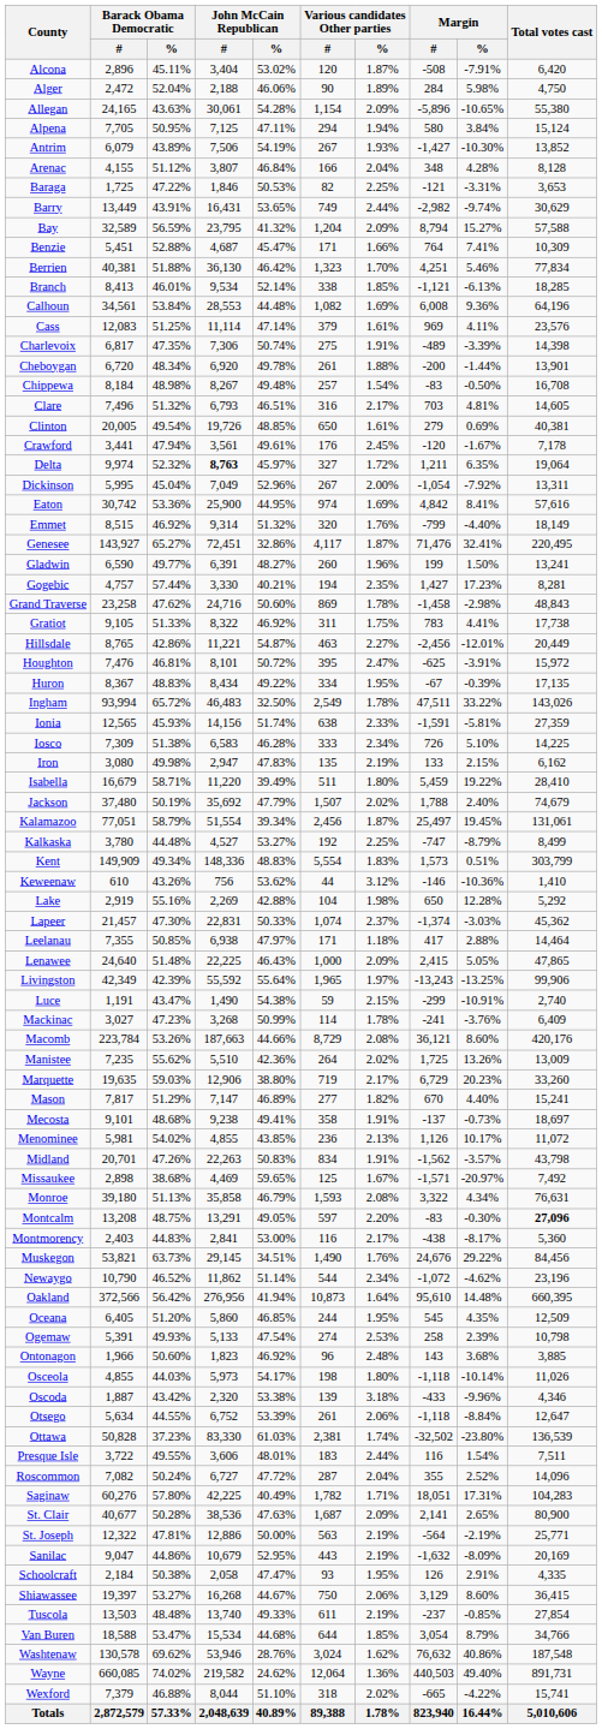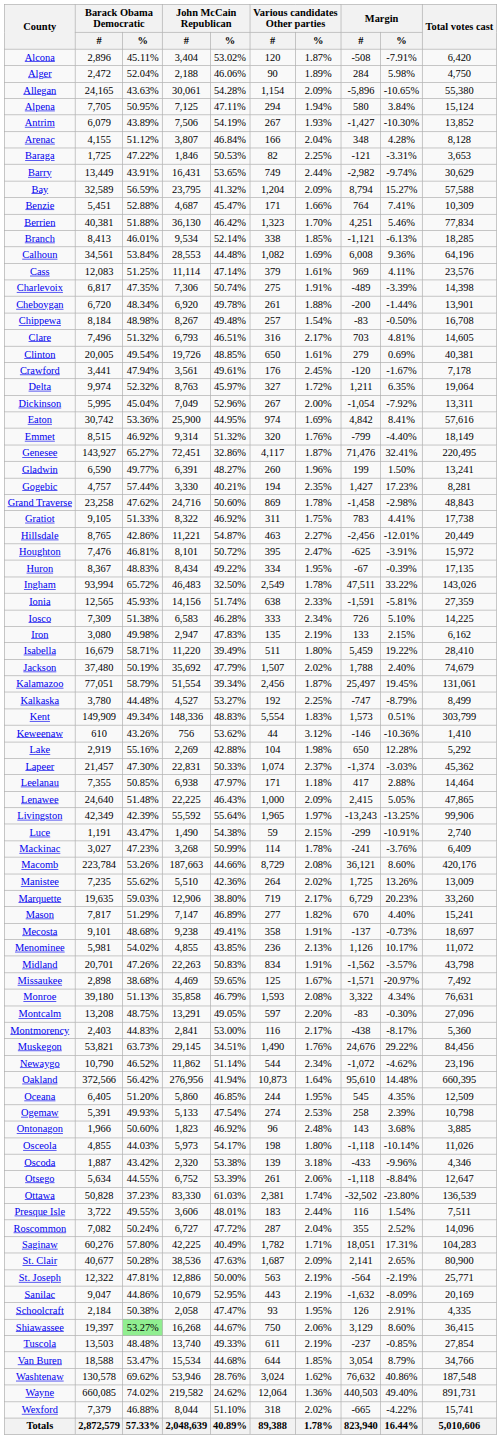 <table width="60%"  class="wikitable sortable" style="text-align:center">
 <tr>
 <th style="text-align:center;" rowspan="2">County</th>
 <th style="text-align:center;" colspan="2">Barack Obama<br>Democratic</th>
 <th style="text-align:center;" colspan="2">John McCain<br>Republican</th>
 <th style="text-align:center;" colspan="2">Various candidates<br>Other parties</th>
 <th style="text-align:center;" colspan="2">Margin</th>
 <th style="text-align:center;" rowspan="2">Total votes cast</th>
 </tr>
 <tr>
 <th style="text-align:center;" data-sort-type="number">#</th>
 <th style="text-align:center;" data-sort-type="number">%</th>
 <th style="text-align:center;" data-sort-type="number">#</th>
 <th style="text-align:center;" data-sort-type="number">%</th>
 <th style="text-align:center;" data-sort-type="number">#</th>
 <th style="text-align:center;" data-sort-type="number">%</th>
 <th style="text-align:center;" data-sort-type="number">#</th>
 <th style="text-align:center;" data-sort-type="number">%</th>
 </tr>
 <tr style="text-align:center;">
 <td><a href='#'>Alcona</a></td>
 <td>2,896</td>
 <td>45.11%</td>
 <td>3,404</td>
 <td>53.02%</td>
 <td>120</td>
 <td>1.87%</td>
 <td>-508</td>
 <td>-7.91%</td>
 <td>6,420</td>
 </tr>
 <tr style="text-align:center;">
 <td><a href='#'>Alger</a></td>
 <td>2,472</td>
 <td>52.04%</td>
 <td>2,188</td>
 <td>46.06%</td>
 <td>90</td>
 <td>1.89%</td>
 <td>284</td>
 <td>5.98%</td>
 <td>4,750</td>
 </tr>
 <tr style="text-align:center;">
 <td><a href='#'>Allegan</a></td>
 <td>24,165</td>
 <td>43.63%</td>
 <td>30,061</td>
 <td>54.28%</td>
 <td>1,154</td>
 <td>2.09%</td>
 <td>-5,896</td>
 <td>-10.65%</td>
 <td>55,380</td>
 </tr>
 <tr style="text-align:center;">
 <td><a href='#'>Alpena</a></td>
 <td>7,705</td>
 <td>50.95%</td>
 <td>7,125</td>
 <td>47.11%</td>
 <td>294</td>
 <td>1.94%</td>
 <td>580</td>
 <td>3.84%</td>
 <td>15,124</td>
 </tr>
 <tr style="text-align:center;">
 <td><a href='#'>Antrim</a></td>
 <td>6,079</td>
 <td>43.89%</td>
 <td>7,506</td>
 <td>54.19%</td>
 <td>267</td>
 <td>1.93%</td>
 <td>-1,427</td>
 <td>-10.30%</td>
 <td>13,852</td>
 </tr>
 <tr style="text-align:center;">
 <td><a href='#'>Arenac</a></td>
 <td>4,155</td>
 <td>51.12%</td>
 <td>3,807</td>
 <td>46.84%</td>
 <td>166</td>
 <td>2.04%</td>
 <td>348</td>
 <td>4.28%</td>
 <td>8,128</td>
 </tr>
 <tr style="text-align:center;">
 <td><a href='#'>Baraga</a></td>
 <td>1,725</td>
 <td>47.22%</td>
 <td>1,846</td>
 <td>50.53%</td>
 <td>82</td>
 <td>2.25%</td>
 <td>-121</td>
 <td>-3.31%</td>
 <td>3,653</td>
 </tr>
 <tr style="text-align:center;">
 <td><a href='#'>Barry</a></td>
 <td>13,449</td>
 <td>43.91%</td>
 <td>16,431</td>
 <td>53.65%</td>
 <td>749</td>
 <td>2.44%</td>
 <td>-2,982</td>
 <td>-9.74%</td>
 <td>30,629</td>
 </tr>
 <tr style="text-align:center;">
 <td><a href='#'>Bay</a></td>
 <td>32,589</td>
 <td>56.59%</td>
 <td>23,795</td>
 <td>41.32%</td>
 <td>1,204</td>
 <td>2.09%</td>
 <td>8,794</td>
 <td>15.27%</td>
 <td>57,588</td>
 </tr>
 <tr style="text-align:center;">
 <td><a href='#'>Benzie</a></td>
 <td>5,451</td>
 <td>52.88%</td>
 <td>4,687</td>
 <td>45.47%</td>
 <td>171</td>
 <td>1.66%</td>
 <td>764</td>
 <td>7.41%</td>
 <td>10,309</td>
 </tr>
 <tr style="text-align:center;">
 <td><a href='#'>Berrien</a></td>
 <td>40,381</td>
 <td>51.88%</td>
 <td>36,130</td>
 <td>46.42%</td>
 <td>1,323</td>
 <td>1.70%</td>
 <td>4,251</td>
 <td>5.46%</td>
 <td>77,834</td>
 </tr>
 <tr style="text-align:center;">
 <td><a href='#'>Branch</a></td>
 <td>8,413</td>
 <td>46.01%</td>
 <td>9,534</td>
 <td>52.14%</td>
 <td>338</td>
 <td>1.85%</td>
 <td>-1,121</td>
 <td>-6.13%</td>
 <td>18,285</td>
 </tr>
 <tr style="text-align:center;">
 <td><a href='#'>Calhoun</a></td>
 <td>34,561</td>
 <td>53.84%</td>
 <td>28,553</td>
 <td>44.48%</td>
 <td>1,082</td>
 <td>1.69%</td>
 <td>6,008</td>
 <td>9.36%</td>
 <td>64,196</td>
 </tr>
 <tr style="text-align:center;">
 <td><a href='#'>Cass</a></td>
 <td>12,083</td>
 <td>51.25%</td>
 <td>11,114</td>
 <td>47.14%</td>
 <td>379</td>
 <td>1.61%</td>
 <td>969</td>
 <td>4.11%</td>
 <td>23,576</td>
 </tr>
 <tr style="text-align:center;">
 <td><a href='#'>Charlevoix</a></td>
 <td>6,817</td>
 <td>47.35%</td>
 <td>7,306</td>
 <td>50.74%</td>
 <td>275</td>
 <td>1.91%</td>
 <td>-489</td>
 <td>-3.39%</td>
 <td>14,398</td>
 </tr>
 <tr style="text-align:center;">
 <td><a href='#'>Cheboygan</a></td>
 <td>6,720</td>
 <td>48.34%</td>
 <td>6,920</td>
 <td>49.78%</td>
 <td>261</td>
 <td>1.88%</td>
 <td>-200</td>
 <td>-1.44%</td>
 <td>13,901</td>
 </tr>
 <tr style="text-align:center;">
 <td><a href='#'>Chippewa</a></td>
 <td>8,184</td>
 <td>48.98%</td>
 <td>8,267</td>
 <td>49.48%</td>
 <td>257</td>
 <td>1.54%</td>
 <td>-83</td>
 <td>-0.50%</td>
 <td>16,708</td>
 </tr>
 <tr style="text-align:center;">
 <td><a href='#'>Clare</a></td>
 <td>7,496</td>
 <td>51.32%</td>
 <td>6,793</td>
 <td>46.51%</td>
 <td>316</td>
 <td>2.17%</td>
 <td>703</td>
 <td>4.81%</td>
 <td>14,605</td>
 </tr>
 <tr style="text-align:center;">
 <td><a href='#'>Clinton</a></td>
 <td>20,005</td>
 <td>49.54%</td>
 <td>19,726</td>
 <td>48.85%</td>
 <td>650</td>
 <td>1.61%</td>
 <td>279</td>
 <td>0.69%</td>
 <td>40,381</td>
 </tr>
 <tr style="text-align:center;">
 <td><a href='#'>Crawford</a></td>
 <td>3,441</td>
 <td>47.94%</td>
 <td>3,561</td>
 <td>49.61%</td>
 <td>176</td>
 <td>2.45%</td>
 <td>-120</td>
 <td>-1.67%</td>
 <td>7,178</td>
 </tr>
 <tr style="text-align:center;">
 <td><a href='#'>Delta</a></td>
 <td>9,974</td>
 <td>52.32%</td>
-<td><strong>8,763</strong></td>
+<td>8,763</td>
 <td>45.97%</td>
 <td>327</td>
 <td>1.72%</td>
 <td>1,211</td>
 <td>6.35%</td>
 <td>19,064</td>
 </tr>
 <tr style="text-align:center;">
 <td><a href='#'>Dickinson</a></td>
 <td>5,995</td>
 <td>45.04%</td>
 <td>7,049</td>
 <td>52.96%</td>
 <td>267</td>
 <td>2.00%</td>
 <td>-1,054</td>
 <td>-7.92%</td>
 <td>13,311</td>
 </tr>
 <tr style="text-align:center;">
 <td><a href='#'>Eaton</a></td>
 <td>30,742</td>
 <td>53.36%</td>
 <td>25,900</td>
 <td>44.95%</td>
 <td>974</td>
 <td>1.69%</td>
 <td>4,842</td>
 <td>8.41%</td>
 <td>57,616</td>
 </tr>
 <tr style="text-align:center;">
 <td><a href='#'>Emmet</a></td>
 <td>8,515</td>
 <td>46.92%</td>
 <td>9,314</td>
 <td>51.32%</td>
 <td>320</td>
 <td>1.76%</td>
 <td>-799</td>
 <td>-4.40%</td>
 <td>18,149</td>
 </tr>
 <tr style="text-align:center;">
 <td><a href='#'>Genesee</a></td>
 <td>143,927</td>
 <td>65.27%</td>
 <td>72,451</td>
 <td>32.86%</td>
 <td>4,117</td>
 <td>1.87%</td>
 <td>71,476</td>
 <td>32.41%</td>
 <td>220,495</td>
 </tr>
 <tr style="text-align:center;">
 <td><a href='#'>Gladwin</a></td>
 <td>6,590</td>
 <td>49.77%</td>
 <td>6,391</td>
 <td>48.27%</td>
 <td>260</td>
 <td>1.96%</td>
 <td>199</td>
 <td>1.50%</td>
 <td>13,241</td>
 </tr>
 <tr style="text-align:center;">
 <td><a href='#'>Gogebic</a></td>
 <td>4,757</td>
 <td>57.44%</td>
 <td>3,330</td>
 <td>40.21%</td>
 <td>194</td>
 <td>2.35%</td>
 <td>1,427</td>
 <td>17.23%</td>
 <td>8,281</td>
 </tr>
 <tr style="text-align:center;">
 <td><a href='#'>Grand Traverse</a></td>
 <td>23,258</td>
 <td>47.62%</td>
 <td>24,716</td>
 <td>50.60%</td>
 <td>869</td>
 <td>1.78%</td>
 <td>-1,458</td>
 <td>-2.98%</td>
 <td>48,843</td>
 </tr>
 <tr style="text-align:center;">
 <td><a href='#'>Gratiot</a></td>
 <td>9,105</td>
 <td>51.33%</td>
 <td>8,322</td>
 <td>46.92%</td>
 <td>311</td>
 <td>1.75%</td>
 <td>783</td>
 <td>4.41%</td>
 <td>17,738</td>
 </tr>
 <tr style="text-align:center;">
 <td><a href='#'>Hillsdale</a></td>
 <td>8,765</td>
 <td>42.86%</td>
 <td>11,221</td>
 <td>54.87%</td>
 <td>463</td>
 <td>2.27%</td>
 <td>-2,456</td>
 <td>-12.01%</td>
 <td>20,449</td>
 </tr>
 <tr style="text-align:center;">
 <td><a href='#'>Houghton</a></td>
 <td>7,476</td>
 <td>46.81%</td>
 <td>8,101</td>
 <td>50.72%</td>
 <td>395</td>
 <td>2.47%</td>
 <td>-625</td>
 <td>-3.91%</td>
 <td>15,972</td>
 </tr>
 <tr style="text-align:center;">
 <td><a href='#'>Huron</a></td>
 <td>8,367</td>
 <td>48.83%</td>
 <td>8,434</td>
 <td>49.22%</td>
 <td>334</td>
 <td>1.95%</td>
 <td>-67</td>
 <td>-0.39%</td>
 <td>17,135</td>
 </tr>
 <tr style="text-align:center;">
 <td><a href='#'>Ingham</a></td>
 <td>93,994</td>
 <td>65.72%</td>
 <td>46,483</td>
 <td>32.50%</td>
 <td>2,549</td>
 <td>1.78%</td>
 <td>47,511</td>
 <td>33.22%</td>
 <td>143,026</td>
 </tr>
 <tr style="text-align:center;">
 <td><a href='#'>Ionia</a></td>
 <td>12,565</td>
 <td>45.93%</td>
 <td>14,156</td>
 <td>51.74%</td>
 <td>638</td>
 <td>2.33%</td>
 <td>-1,591</td>
 <td>-5.81%</td>
 <td>27,359</td>
 </tr>
 <tr style="text-align:center;">
 <td><a href='#'>Iosco</a></td>
 <td>7,309</td>
 <td>51.38%</td>
 <td>6,583</td>
 <td>46.28%</td>
 <td>333</td>
 <td>2.34%</td>
 <td>726</td>
 <td>5.10%</td>
 <td>14,225</td>
 </tr>
 <tr style="text-align:center;">
 <td><a href='#'>Iron</a></td>
 <td>3,080</td>
 <td>49.98%</td>
 <td>2,947</td>
 <td>47.83%</td>
 <td>135</td>
 <td>2.19%</td>
 <td>133</td>
 <td>2.15%</td>
 <td>6,162</td>
 </tr>
 <tr style="text-align:center;">
 <td><a href='#'>Isabella</a></td>
 <td>16,679</td>
 <td>58.71%</td>
 <td>11,220</td>
 <td>39.49%</td>
 <td>511</td>
 <td>1.80%</td>
 <td>5,459</td>
 <td>19.22%</td>
 <td>28,410</td>
 </tr>
 <tr style="text-align:center;">
 <td><a href='#'>Jackson</a></td>
 <td>37,480</td>
 <td>50.19%</td>
 <td>35,692</td>
 <td>47.79%</td>
 <td>1,507</td>
 <td>2.02%</td>
 <td>1,788</td>
 <td>2.40%</td>
 <td>74,679</td>
 </tr>
 <tr style="text-align:center;">
 <td><a href='#'>Kalamazoo</a></td>
 <td>77,051</td>
 <td>58.79%</td>
 <td>51,554</td>
 <td>39.34%</td>
 <td>2,456</td>
 <td>1.87%</td>
 <td>25,497</td>
 <td>19.45%</td>
 <td>131,061</td>
 </tr>
 <tr style="text-align:center;">
 <td><a href='#'>Kalkaska</a></td>
 <td>3,780</td>
 <td>44.48%</td>
 <td>4,527</td>
 <td>53.27%</td>
 <td>192</td>
 <td>2.25%</td>
 <td>-747</td>
 <td>-8.79%</td>
 <td>8,499</td>
 </tr>
 <tr style="text-align:center;">
 <td><a href='#'>Kent</a></td>
 <td>149,909</td>
 <td>49.34%</td>
 <td>148,336</td>
 <td>48.83%</td>
 <td>5,554</td>
 <td>1.83%</td>
 <td>1,573</td>
 <td>0.51%</td>
 <td>303,799</td>
 </tr>
 <tr style="text-align:center;">
 <td><a href='#'>Keweenaw</a></td>
 <td>610</td>
 <td>43.26%</td>
 <td>756</td>
 <td>53.62%</td>
 <td>44</td>
 <td>3.12%</td>
 <td>-146</td>
 <td>-10.36%</td>
 <td>1,410</td>
 </tr>
 <tr style="text-align:center;">
 <td><a href='#'>Lake</a></td>
 <td>2,919</td>
 <td>55.16%</td>
 <td>2,269</td>
 <td>42.88%</td>
 <td>104</td>
 <td>1.98%</td>
 <td>650</td>
 <td>12.28%</td>
 <td>5,292</td>
 </tr>
 <tr style="text-align:center;">
 <td><a href='#'>Lapeer</a></td>
 <td>21,457</td>
 <td>47.30%</td>
 <td>22,831</td>
 <td>50.33%</td>
 <td>1,074</td>
 <td>2.37%</td>
 <td>-1,374</td>
 <td>-3.03%</td>
 <td>45,362</td>
 </tr>
 <tr style="text-align:center;">
 <td><a href='#'>Leelanau</a></td>
 <td>7,355</td>
 <td>50.85%</td>
 <td>6,938</td>
 <td>47.97%</td>
 <td>171</td>
 <td>1.18%</td>
 <td>417</td>
 <td>2.88%</td>
 <td>14,464</td>
 </tr>
 <tr style="text-align:center;">
 <td><a href='#'>Lenawee</a></td>
 <td>24,640</td>
 <td>51.48%</td>
 <td>22,225</td>
 <td>46.43%</td>
 <td>1,000</td>
 <td>2.09%</td>
 <td>2,415</td>
 <td>5.05%</td>
 <td>47,865</td>
 </tr>
 <tr style="text-align:center;">
 <td><a href='#'>Livingston</a></td>
 <td>42,349</td>
 <td>42.39%</td>
 <td>55,592</td>
 <td>55.64%</td>
 <td>1,965</td>
 <td>1.97%</td>
 <td>-13,243</td>
 <td>-13.25%</td>
 <td>99,906</td>
 </tr>
 <tr style="text-align:center;">
 <td><a href='#'>Luce</a></td>
 <td>1,191</td>
 <td>43.47%</td>
 <td>1,490</td>
 <td>54.38%</td>
 <td>59</td>
 <td>2.15%</td>
 <td>-299</td>
 <td>-10.91%</td>
 <td>2,740</td>
 </tr>
 <tr style="text-align:center;">
 <td><a href='#'>Mackinac</a></td>
 <td>3,027</td>
 <td>47.23%</td>
 <td>3,268</td>
 <td>50.99%</td>
 <td>114</td>
 <td>1.78%</td>
 <td>-241</td>
 <td>-3.76%</td>
 <td>6,409</td>
 </tr>
 <tr style="text-align:center;">
 <td><a href='#'>Macomb</a></td>
 <td>223,784</td>
 <td>53.26%</td>
 <td>187,663</td>
 <td>44.66%</td>
 <td>8,729</td>
 <td>2.08%</td>
 <td>36,121</td>
 <td>8.60%</td>
 <td>420,176</td>
 </tr>
 <tr style="text-align:center;">
 <td><a href='#'>Manistee</a></td>
 <td>7,235</td>
 <td>55.62%</td>
 <td>5,510</td>
 <td>42.36%</td>
 <td>264</td>
 <td>2.02%</td>
 <td>1,725</td>
 <td>13.26%</td>
 <td>13,009</td>
 </tr>
 <tr style="text-align:center;">
 <td><a href='#'>Marquette</a></td>
 <td>19,635</td>
 <td>59.03%</td>
 <td>12,906</td>
 <td>38.80%</td>
 <td>719</td>
 <td>2.17%</td>
 <td>6,729</td>
 <td>20.23%</td>
 <td>33,260</td>
 </tr>
 <tr style="text-align:center;">
 <td><a href='#'>Mason</a></td>
 <td>7,817</td>
 <td>51.29%</td>
 <td>7,147</td>
 <td>46.89%</td>
 <td>277</td>
 <td>1.82%</td>
 <td>670</td>
 <td>4.40%</td>
 <td>15,241</td>
 </tr>
 <tr style="text-align:center;">
 <td><a href='#'>Mecosta</a></td>
 <td>9,101</td>
 <td>48.68%</td>
 <td>9,238</td>
 <td>49.41%</td>
 <td>358</td>
 <td>1.91%</td>
 <td>-137</td>
 <td>-0.73%</td>
 <td>18,697</td>
 </tr>
 <tr style="text-align:center;">
 <td><a href='#'>Menominee</a></td>
 <td>5,981</td>
 <td>54.02%</td>
 <td>4,855</td>
 <td>43.85%</td>
 <td>236</td>
 <td>2.13%</td>
 <td>1,126</td>
 <td>10.17%</td>
 <td>11,072</td>
 </tr>
 <tr style="text-align:center;">
 <td><a href='#'>Midland</a></td>
 <td>20,701</td>
 <td>47.26%</td>
 <td>22,263</td>
 <td>50.83%</td>
 <td>834</td>
 <td>1.91%</td>
 <td>-1,562</td>
 <td>-3.57%</td>
 <td>43,798</td>
 </tr>
 <tr style="text-align:center;">
 <td><a href='#'>Missaukee</a></td>
 <td>2,898</td>
 <td>38.68%</td>
 <td>4,469</td>
 <td>59.65%</td>
 <td>125</td>
 <td>1.67%</td>
 <td>-1,571</td>
 <td>-20.97%</td>
 <td>7,492</td>
 </tr>
 <tr style="text-align:center;">
 <td><a href='#'>Monroe</a></td>
 <td>39,180</td>
 <td>51.13%</td>
 <td>35,858</td>
 <td>46.79%</td>
 <td>1,593</td>
 <td>2.08%</td>
 <td>3,322</td>
 <td>4.34%</td>
 <td>76,631</td>
 </tr>
 <tr style="text-align:center;">
 <td><a href='#'>Montcalm</a></td>
 <td>13,208</td>
 <td>48.75%</td>
 <td>13,291</td>
 <td>49.05%</td>
 <td>597</td>
 <td>2.20%</td>
 <td>-83</td>
 <td>-0.30%</td>
-<td><strong>27,096</strong></td>
+<td>27,096</td>
 </tr>
 <tr style="text-align:center;">
 <td><a href='#'>Montmorency</a></td>
 <td>2,403</td>
 <td>44.83%</td>
 <td>2,841</td>
 <td>53.00%</td>
 <td>116</td>
 <td>2.17%</td>
 <td>-438</td>
 <td>-8.17%</td>
 <td>5,360</td>
 </tr>
 <tr style="text-align:center;">
 <td><a href='#'>Muskegon</a></td>
 <td>53,821</td>
 <td>63.73%</td>
 <td>29,145</td>
 <td>34.51%</td>
 <td>1,490</td>
 <td>1.76%</td>
 <td>24,676</td>
 <td>29.22%</td>
 <td>84,456</td>
 </tr>
 <tr style="text-align:center;">
 <td><a href='#'>Newaygo</a></td>
 <td>10,790</td>
 <td>46.52%</td>
 <td>11,862</td>
 <td>51.14%</td>
 <td>544</td>
 <td>2.34%</td>
 <td>-1,072</td>
 <td>-4.62%</td>
 <td>23,196</td>
 </tr>
 <tr style="text-align:center;">
 <td><a href='#'>Oakland</a></td>
 <td>372,566</td>
 <td>56.42%</td>
 <td>276,956</td>
 <td>41.94%</td>
 <td>10,873</td>
 <td>1.64%</td>
 <td>95,610</td>
 <td>14.48%</td>
 <td>660,395</td>
 </tr>
 <tr style="text-align:center;">
 <td><a href='#'>Oceana</a></td>
 <td>6,405</td>
 <td>51.20%</td>
 <td>5,860</td>
 <td>46.85%</td>
 <td>244</td>
 <td>1.95%</td>
 <td>545</td>
 <td>4.35%</td>
 <td>12,509</td>
 </tr>
 <tr style="text-align:center;">
 <td><a href='#'>Ogemaw</a></td>
 <td>5,391</td>
 <td>49.93%</td>
 <td>5,133</td>
 <td>47.54%</td>
 <td>274</td>
 <td>2.53%</td>
 <td>258</td>
 <td>2.39%</td>
 <td>10,798</td>
 </tr>
 <tr style="text-align:center;">
 <td><a href='#'>Ontonagon</a></td>
 <td>1,966</td>
 <td>50.60%</td>
 <td>1,823</td>
 <td>46.92%</td>
 <td>96</td>
 <td>2.48%</td>
 <td>143</td>
 <td>3.68%</td>
 <td>3,885</td>
 </tr>
 <tr style="text-align:center;">
 <td><a href='#'>Osceola</a></td>
 <td>4,855</td>
 <td>44.03%</td>
 <td>5,973</td>
 <td>54.17%</td>
 <td>198</td>
 <td>1.80%</td>
 <td>-1,118</td>
 <td>-10.14%</td>
 <td>11,026</td>
 </tr>
 <tr style="text-align:center;">
 <td><a href='#'>Oscoda</a></td>
 <td>1,887</td>
 <td>43.42%</td>
 <td>2,320</td>
 <td>53.38%</td>
 <td>139</td>
 <td>3.18%</td>
 <td>-433</td>
 <td>-9.96%</td>
 <td>4,346</td>
 </tr>
 <tr style="text-align:center;">
 <td><a href='#'>Otsego</a></td>
 <td>5,634</td>
 <td>44.55%</td>
 <td>6,752</td>
 <td>53.39%</td>
 <td>261</td>
 <td>2.06%</td>
 <td>-1,118</td>
 <td>-8.84%</td>
 <td>12,647</td>
 </tr>
 <tr style="text-align:center;">
 <td><a href='#'>Ottawa</a></td>
 <td>50,828</td>
 <td>37.23%</td>
 <td>83,330</td>
 <td>61.03%</td>
 <td>2,381</td>
 <td>1.74%</td>
 <td>-32,502</td>
 <td>-23.80%</td>
 <td>136,539</td>
 </tr>
 <tr style="text-align:center;">
 <td><a href='#'>Presque Isle</a></td>
 <td>3,722</td>
 <td>49.55%</td>
 <td>3,606</td>
 <td>48.01%</td>
 <td>183</td>
 <td>2.44%</td>
 <td>116</td>
 <td>1.54%</td>
 <td>7,511</td>
 </tr>
 <tr style="text-align:center;">
 <td><a href='#'>Roscommon</a></td>
 <td>7,082</td>
 <td>50.24%</td>
 <td>6,727</td>
 <td>47.72%</td>
 <td>287</td>
 <td>2.04%</td>
 <td>355</td>
 <td>2.52%</td>
 <td>14,096</td>
 </tr>
 <tr style="text-align:center;">
 <td><a href='#'>Saginaw</a></td>
 <td>60,276</td>
 <td>57.80%</td>
 <td>42,225</td>
 <td>40.49%</td>
 <td>1,782</td>
 <td>1.71%</td>
 <td>18,051</td>
 <td>17.31%</td>
 <td>104,283</td>
 </tr>
 <tr style="text-align:center;">
 <td><a href='#'>St. Clair</a></td>
 <td>40,677</td>
 <td>50.28%</td>
 <td>38,536</td>
 <td>47.63%</td>
 <td>1,687</td>
 <td>2.09%</td>
 <td>2,141</td>
 <td>2.65%</td>
 <td>80,900</td>
 </tr>
 <tr style="text-align:center;">
 <td><a href='#'>St. Joseph</a></td>
 <td>12,322</td>
 <td>47.81%</td>
 <td>12,886</td>
 <td>50.00%</td>
 <td>563</td>
 <td>2.19%</td>
 <td>-564</td>
 <td>-2.19%</td>
 <td>25,771</td>
 </tr>
 <tr style="text-align:center;">
 <td><a href='#'>Sanilac</a></td>
 <td>9,047</td>
 <td>44.86%</td>
 <td>10,679</td>
 <td>52.95%</td>
 <td>443</td>
 <td>2.19%</td>
 <td>-1,632</td>
 <td>-8.09%</td>
 <td>20,169</td>
 </tr>
 <tr style="text-align:center;">
 <td><a href='#'>Schoolcraft</a></td>
 <td>2,184</td>
 <td>50.38%</td>
 <td>2,058</td>
 <td>47.47%</td>
 <td>93</td>
 <td>1.95%</td>
 <td>126</td>
 <td>2.91%</td>
 <td>4,335</td>
 </tr>
 <tr style="text-align:center;">
 <td><a href='#'>Shiawassee</a></td>
 <td>19,397</td>
-<td>53.27%</td>
+<td style="background: lightgreen;">53.27%</td>
 <td>16,268</td>
 <td>44.67%</td>
 <td>750</td>
 <td>2.06%</td>
 <td>3,129</td>
 <td>8.60%</td>
 <td>36,415</td>
 </tr>
 <tr style="text-align:center;">
 <td><a href='#'>Tuscola</a></td>
 <td>13,503</td>
 <td>48.48%</td>
 <td>13,740</td>
 <td>49.33%</td>
 <td>611</td>
 <td>2.19%</td>
 <td>-237</td>
 <td>-0.85%</td>
 <td>27,854</td>
 </tr>
 <tr style="text-align:center;">
 <td><a href='#'>Van Buren</a></td>
 <td>18,588</td>
 <td>53.47%</td>
 <td>15,534</td>
 <td>44.68%</td>
 <td>644</td>
 <td>1.85%</td>
 <td>3,054</td>
 <td>8.79%</td>
 <td>34,766</td>
 </tr>
 <tr style="text-align:center;">
 <td><a href='#'>Washtenaw</a></td>
 <td>130,578</td>
 <td>69.62%</td>
 <td>53,946</td>
 <td>28.76%</td>
 <td>3,024</td>
 <td>1.62%</td>
 <td>76,632</td>
 <td>40.86%</td>
 <td>187,548</td>
 </tr>
 <tr style="text-align:center;">
 <td><a href='#'>Wayne</a></td>
 <td>660,085</td>
 <td>74.02%</td>
 <td>219,582</td>
 <td>24.62%</td>
 <td>12,064</td>
 <td>1.36%</td>
 <td>440,503</td>
 <td>49.40%</td>
 <td>891,731</td>
 </tr>
 <tr style="text-align:center;">
 <td><a href='#'>Wexford</a></td>
 <td>7,379</td>
 <td>46.88%</td>
 <td>8,044</td>
 <td>51.10%</td>
 <td>318</td>
 <td>2.02%</td>
 <td>-665</td>
 <td>-4.22%</td>
 <td>15,741</td>
 </tr>
 <tr>
 <th>Totals</th>
 <th>2,872,579</th>
 <th>57.33%</th>
 <th>2,048,639</th>
 <th>40.89%</th>
 <th>89,388</th>
 <th>1.78%</th>
 <th>823,940</th>
 <th>16.44%</th>
 <th>5,010,606</th>
 </tr>
 </table>
